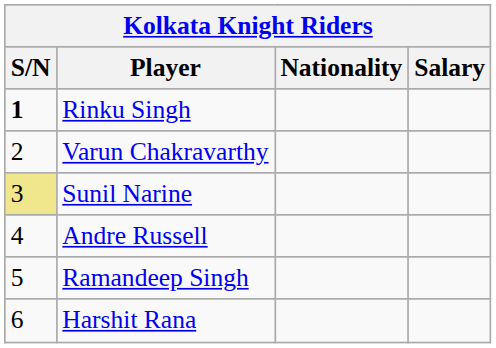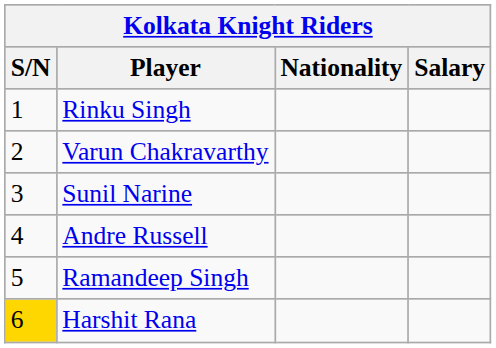 <table class="wikitable" style="font-size:95%;">
 <tr>
 <th scope="colgroup" colspan="4" style="background:#"><a href='#'><span>Kolkata Knight Riders</span></a></th>
 </tr>
 <tr>
 <th scope="col">S/N</th>
 <th scope="col">Player</th>
 <th scope="col">Nationality</th>
 <th scope="col">Salary</th>
 </tr>
 <tr>
-<td><strong>1</strong></td>
+<td>1</td>
 <td><a href='#'>Rinku Singh</a></td>
 <td></td>
 <td></td>
 </tr>
 <tr>
 <td>2</td>
 <td><a href='#'>Varun Chakravarthy</a></td>
 <td></td>
 <td></td>
 </tr>
 <tr>
-<td style="background: khaki;">3</td>
+<td>3</td>
 <td><a href='#'>Sunil Narine</a></td>
 <td></td>
 <td></td>
 </tr>
 <tr>
 <td>4</td>
 <td><a href='#'>Andre Russell</a></td>
 <td></td>
 <td></td>
 </tr>
 <tr>
 <td>5</td>
 <td><a href='#'>Ramandeep Singh</a></td>
 <td></td>
 <td></td>
 </tr>
 <tr>
-<td>6</td>
+<td style="background: gold;">6</td>
 <td><a href='#'>Harshit Rana</a></td>
 <td></td>
 <td></td>
 </tr>
 </table>
